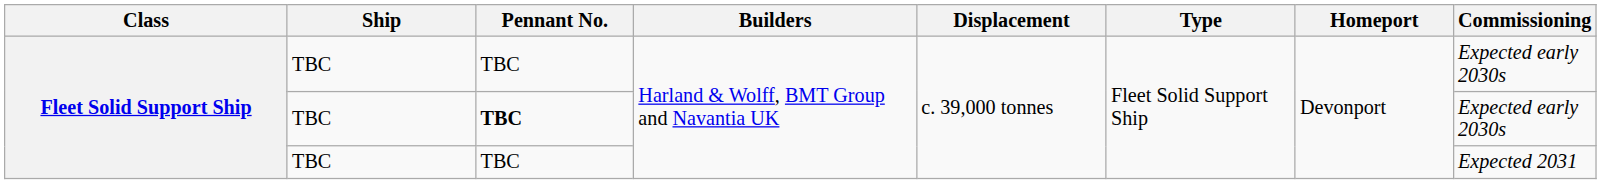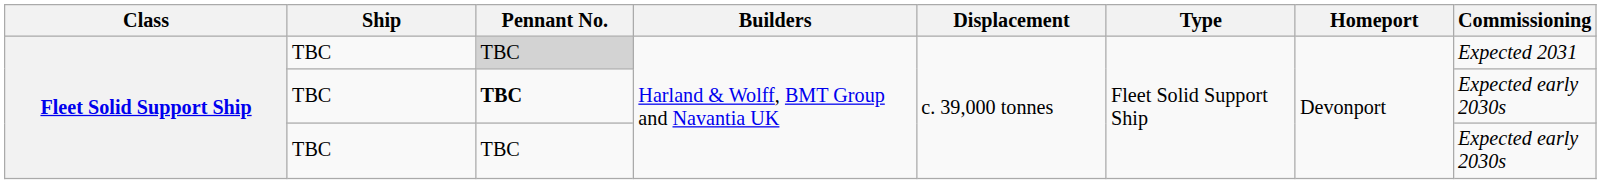 <table class="wikitable" style="margin:auto; width:100%;">
 <tr>
 <th style="text-align:center; width:18%;">Class</th>
 <th style="text-align:center; width:12%;">Ship</th>
 <th style="text-align:center; width:10%;">Pennant No.</th>
 <th style="text-align:center; width:18%;">Builders</th>
 <th style="text-align:center; width:12%;">Displacement</th>
 <th style="text-align:center; width:12%;">Type</th>
 <th style="text-align:center; width:10%;">Homeport</th>
 <th style="text-align:center; width:8%;">Commissioning</th>
 </tr>
 <tr>
 <th rowspan="3"><a href='#'>Fleet Solid Support Ship</a></th>
 <td>TBC</td>
-<td>TBC</td>
+<td style="background: lightgrey;">TBC</td>
 <td 2022 rowspan=3><a href='#'>Harland & Wolff</a>, <a href='#'>BMT Group</a> and <a href='#'>Navantia UK</a></td>
 <td rowspan=3>c. 39,000 tonnes</td>
 <td rowspan=3>Fleet Solid Support Ship</td>
 <td rowspan=3>Devonport</td>
-<td><em>Expected early 2030s</em></td>
+<td><em>Expected 2031</em></td>
 </tr>
 <tr>
 <td>TBC</td>
 <td><strong>TBC</strong></td>
 <td><em>Expected early 2030s</em></td>
 </tr>
 <tr>
 <td>TBC</td>
 <td>TBC</td>
-<td><em>Expected 2031</em></td>
+<td><em>Expected early 2030s</em></td>
 </tr>
 </table>
